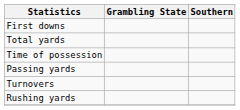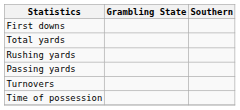 <table class="wikitable">
 <tr>
 <th>Statistics</th>
 <th>Grambling State</th>
 <th>Southern</th>
 </tr>
 <tr>
 <td>First downs</td>
 <td> </td>
 <td> </td>
 </tr>
 <tr>
 <td>Total yards</td>
 <td> </td>
 <td> </td>
 </tr>
 <tr>
-<td>Time of possession</td>
+<td>Rushing yards</td>
 <td> </td>
 <td> </td>
 </tr>
 <tr>
 <td>Passing yards</td>
 <td> </td>
 <td> </td>
 </tr>
 <tr>
 <td>Turnovers</td>
 <td> </td>
 <td> </td>
 </tr>
 <tr>
-<td>Rushing yards</td>
+<td>Time of possession</td>
 <td> </td>
 <td> </td>
 </tr>
 <tr>
 </tr>
 </table>
